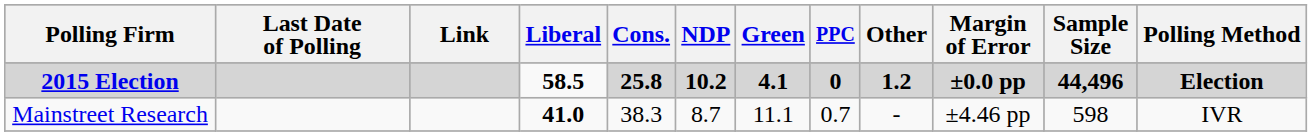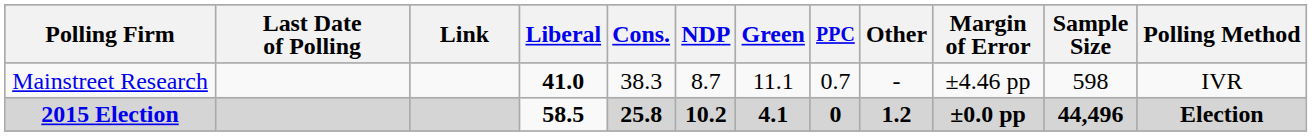 <table class="wikitable sortable" style="text-align:center;font-size:90%;line-height:14px;">
 <tr style="background:#e9e9e9;">
 <th style="width:120px">Polling Firm</th>
 <th style="width:110px">Last Date<br>of Polling</th>
 <th style="width:60px" class="unsortable">Link</th>
 <th style="background-color:"><strong><a href='#'>Liberal</a></strong></th>
 <th style="background-color:"><strong><a href='#'>Cons.</a></strong></th>
 <th style="background-color:"><strong><a href='#'>NDP</a></strong></th>
 <th style="background-color:"><strong><a href='#'>Green</a></strong></th>
 <th style="background-color:"><strong><small><a href='#'>PPC</a></small></strong></th>
 <th style="background-color:"><strong>Other</strong></th>
 <th style="width:60px;" class="unsortable">Margin<br>of Error</th>
 <th style="width:50px;" class="unsortable">Sample<br>Size</th>
 <th class="unsortable">Polling Method</th>
 </tr>
 <tr>
+<td><a href='#'>Mainstreet Research</a></td>
+<td></td>
+<td></td>
+<td><strong>41.0</strong></td>
+<td>38.3</td>
+<td>8.7</td>
+<td>11.1</td>
+<td>0.7</td>
+<td>-</td>
+<td>±4.46 pp</td>
+<td>598</td>
+<td>IVR</td>
+</tr>
+<tr>
 <td style="background:#D5D5D5"><strong><a href='#'>2015 Election</a></strong></td>
 <td style="background:#D5D5D5"><strong></strong></td>
 <td style="background:#D5D5D5"></td>
 <td><strong>58.5</strong></td>
 <td style="background:#D5D5D5"><strong>25.8</strong></td>
 <td style="background:#D5D5D5"><strong>10.2</strong></td>
 <td style="background:#D5D5D5"><strong>4.1</strong></td>
 <td style="background:#D5D5D5"><strong>0</strong></td>
 <td style="background:#D5D5D5"><strong>1.2</strong></td>
 <td style="background:#D5D5D5"><strong>±0.0 pp</strong></td>
 <td style="background:#D5D5D5"><strong>44,496</strong></td>
 <td style="background:#D5D5D5"><strong>Election</strong></td>
 </tr>
-<tr>
-<td><a href='#'>Mainstreet Research</a></td>
-<td></td>
-<td></td>
-<td><strong>41.0</strong></td>
-<td>38.3</td>
-<td>8.7</td>
-<td>11.1</td>
-<td>0.7</td>
-<td>-</td>
-<td>±4.46 pp</td>
-<td>598</td>
-<td>IVR</td>
-</tr>
 </table>
